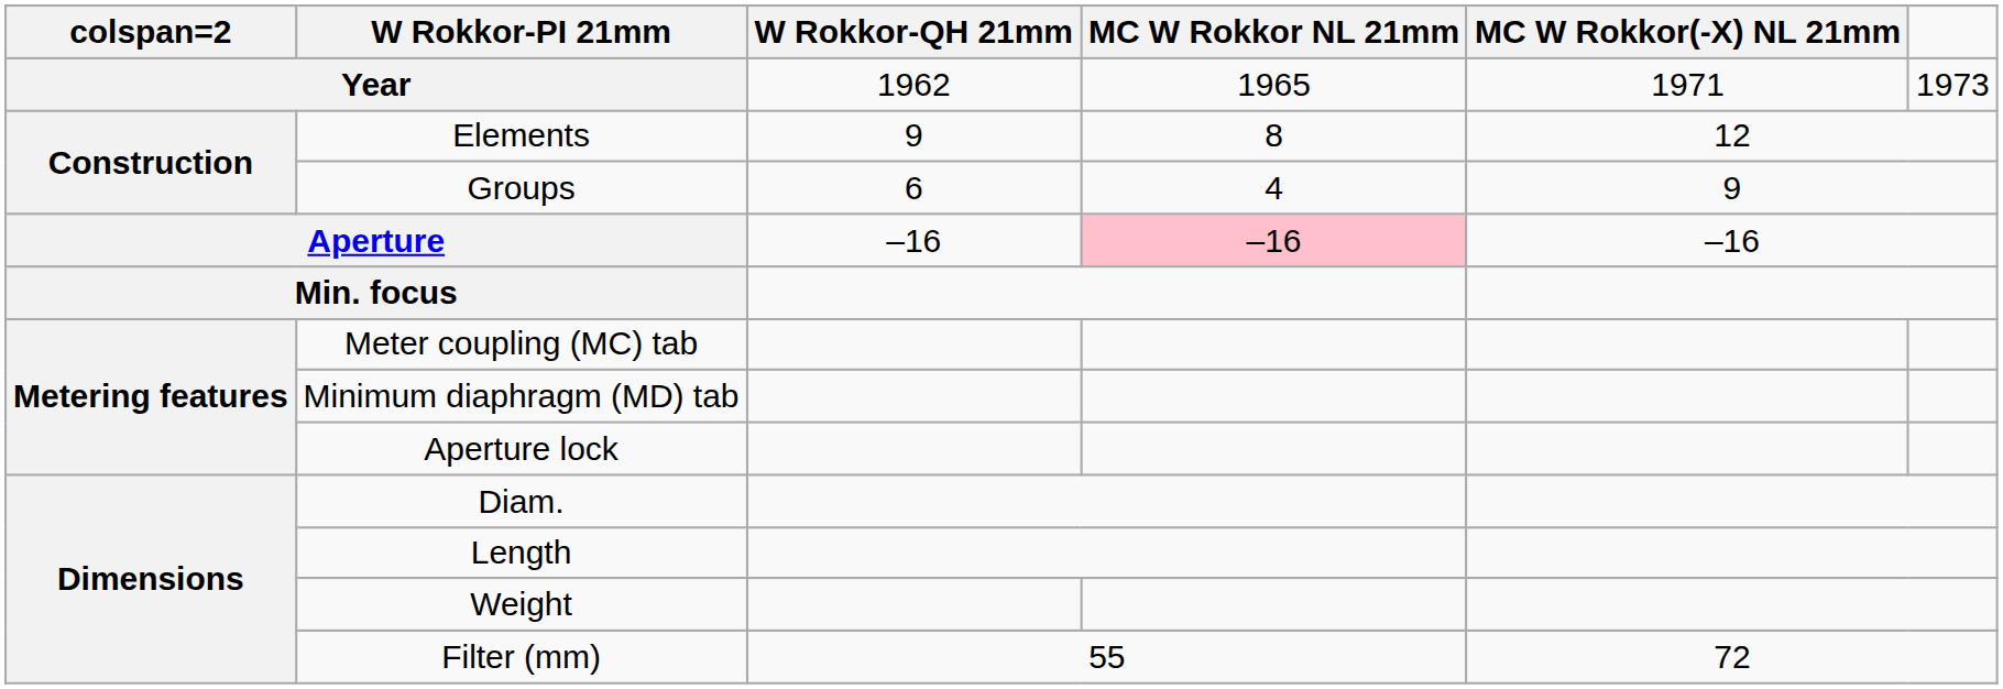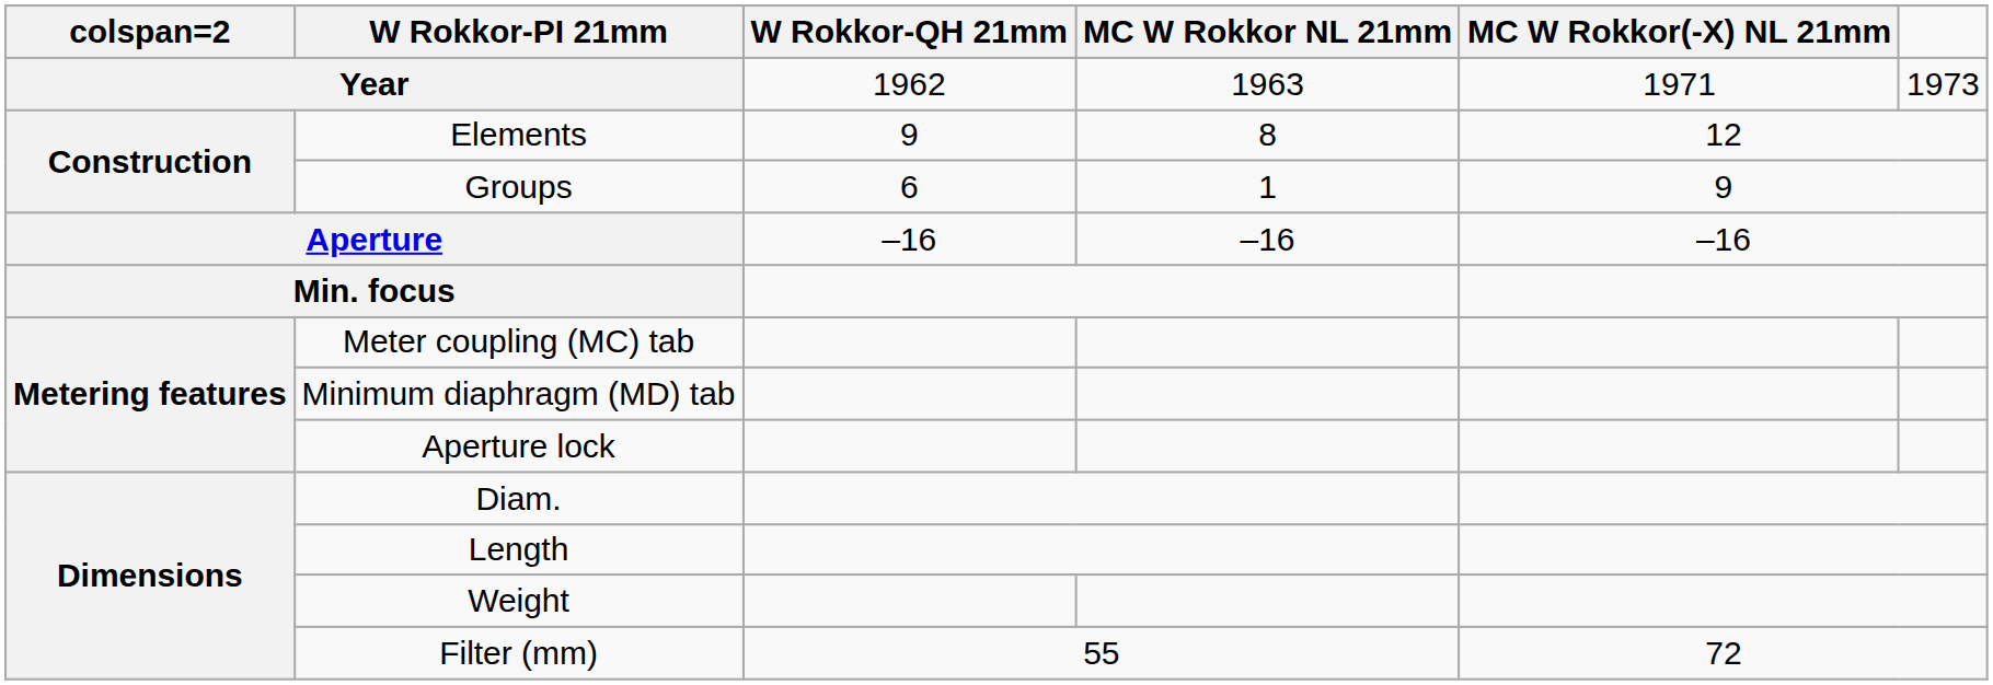 <table class="wikitable" style="font-size:90%;text-align:center;">
 <tr>
 <th>colspan=2 </th>
 <th>W Rokkor-PI 21mm </th>
 <th>W Rokkor-QH 21mm </th>
 <th>MC W Rokkor NL 21mm </th>
 <th>MC W Rokkor(-X) NL 21mm </th>
 </tr>
 <tr>
 <th colspan=2>Year</th>
 <td>1962</td>
-<td>1965</td>
+<td>1963</td>
 <td>1971</td>
 <td>1973</td>
 </tr>
 <tr>
 <th rowspan=2>Construction</th>
 <td>Elements</td>
 <td>9</td>
 <td>8</td>
 <td colspan=2>12</td>
 </tr>
 <tr>
 <td>Groups</td>
 <td>6</td>
-<td>4</td>
+<td>1</td>
 <td colspan=2>9</td>
 </tr>
 <tr>
 <th colspan=2><a href='#'>Aperture</a></th>
 <td>–16</td>
-<td style="background: pink;">–16</td>
+<td>–16</td>
 <td colspan=2>–16</td>
 </tr>
 <tr>
 <th colspan=2>Min. focus</th>
 <td colspan=2></td>
 <td colspan=2></td>
 </tr>
 <tr>
 <th rowspan=3>Metering features</th>
 <td>Meter coupling (MC) tab</td>
 <td></td>
 <td></td>
 <td></td>
 <td></td>
 </tr>
 <tr>
 <td>Minimum diaphragm (MD) tab</td>
 <td></td>
 <td></td>
 <td></td>
 <td></td>
 </tr>
 <tr>
 <td>Aperture lock</td>
 <td></td>
 <td></td>
 <td></td>
 <td></td>
 </tr>
 <tr>
 <th rowspan=4>Dimensions</th>
 <td>Diam.</td>
 <td colspan=2></td>
 <td colspan=2></td>
 </tr>
 <tr>
 <td>Length</td>
 <td colspan=2></td>
 <td colspan=2></td>
 </tr>
 <tr>
 <td>Weight</td>
 <td></td>
 <td></td>
 <td colspan=2></td>
 </tr>
 <tr>
 <td>Filter (mm)</td>
 <td colspan=2>55</td>
 <td colspan=2>72</td>
 </tr>
 </table>
